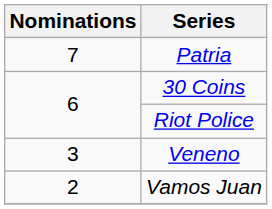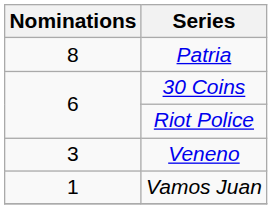 <table class="wikitable plainrowheaders" style="text-align:center;">
 <tr>
 <th scope="col" style="width:55px;">Nominations</th>
 <th scope="col" style="text-align:center;">Series</th>
 </tr>
 <tr>
-<td rowspan="1" style="text-align:center">7</td>
+<td rowspan="1" style="text-align:center">8</td>
 <td><em><a href='#'>Patria</a></em></td>
 </tr>
 <tr>
 <td rowspan="2" style="text-align:center">6</td>
 <td><em><a href='#'>30 Coins</a></em></td>
 </tr>
 <tr>
 <td><em><a href='#'>Riot Police</a></em></td>
 </tr>
 <tr>
 <td rowspan="1" style="text-align:center">3</td>
 <td><em><a href='#'>Veneno</a></em></td>
 </tr>
 <tr>
-<td rowspan="1" style="text-align:center">2</td>
+<td rowspan="1" style="text-align:center">1</td>
 <td><em>Vamos Juan</em></td>
 </tr>
 <tr>
 </tr>
 </table>
